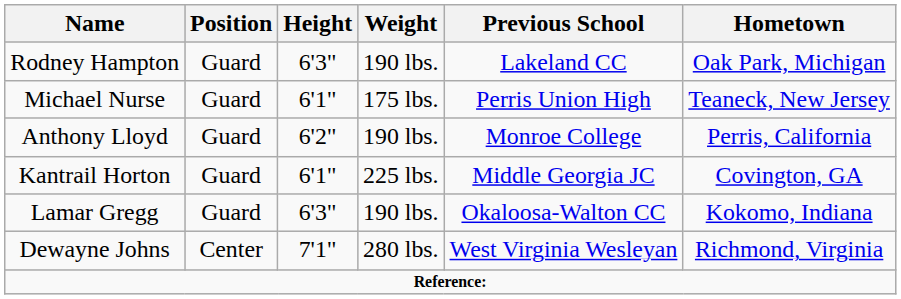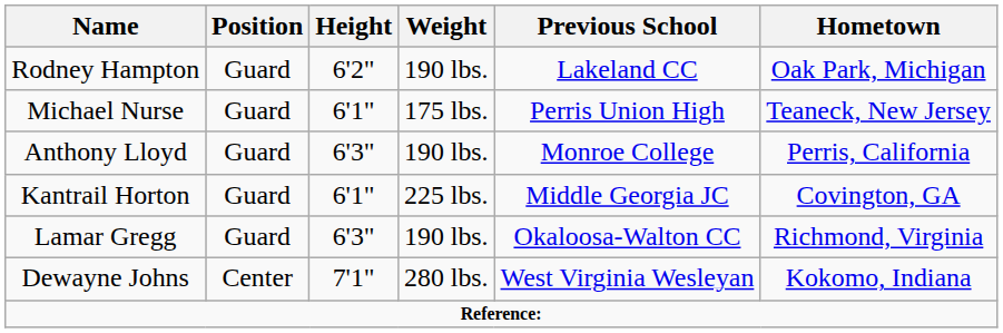 <table class="wikitable" style="text-align: center">
 <tr align=center>
 <th>Name</th>
 <th>Position</th>
 <th>Height</th>
 <th>Weight</th>
 <th>Previous School</th>
 <th>Hometown</th>
 </tr>
 <tr>
 <td>Rodney Hampton</td>
 <td>Guard</td>
-<td>6'3"</td>
+<td>6'2"</td>
 <td>190 lbs.</td>
 <td><a href='#'>Lakeland CC</a></td>
 <td><a href='#'>Oak Park, Michigan</a></td>
 </tr>
 <tr>
 <td>Michael Nurse</td>
 <td>Guard</td>
 <td>6'1"</td>
 <td>175 lbs.</td>
 <td><a href='#'>Perris Union High</a></td>
 <td><a href='#'>Teaneck, New Jersey</a></td>
 </tr>
 <tr>
 <td>Anthony Lloyd</td>
 <td>Guard</td>
-<td>6'2"</td>
+<td>6'3"</td>
 <td>190 lbs.</td>
 <td><a href='#'>Monroe College</a></td>
 <td><a href='#'>Perris, California</a></td>
 </tr>
 <tr>
 <td>Kantrail Horton</td>
 <td>Guard</td>
 <td>6'1"</td>
 <td>225 lbs.</td>
 <td><a href='#'>Middle Georgia JC</a></td>
 <td><a href='#'>Covington, GA</a></td>
 </tr>
 <tr>
 <td>Lamar Gregg</td>
 <td>Guard</td>
 <td>6'3"</td>
 <td>190 lbs.</td>
 <td><a href='#'>Okaloosa-Walton CC</a></td>
-<td><a href='#'>Kokomo, Indiana</a></td>
+<td><a href='#'>Richmond, Virginia</a></td>
 </tr>
 <tr>
 <td>Dewayne Johns</td>
 <td>Center</td>
 <td>7'1"</td>
 <td>280 lbs.</td>
 <td><a href='#'>West Virginia Wesleyan</a></td>
-<td><a href='#'>Richmond, Virginia</a></td>
+<td><a href='#'>Kokomo, Indiana</a></td>
 </tr>
 <tr>
 <td colspan="6"  style="font-size:8pt; text-align:center;"><strong>Reference:</strong></td>
 </tr>
 </table>
